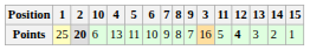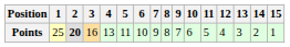 <table class="wikitable" style="font-size:85%">
 <tr>
 <th>Position</th>
 <th>1</th>
 <th>2</th>
-<th>10</th>
+<th>3</th>
 <th>4</th>
 <th>5</th>
 <th>6</th>
 <th>7</th>
 <th>8</th>
 <th>9</th>
-<th>3</th>
+<th>10</th>
 <th>11</th>
 <th>12</th>
 <th>13</th>
 <th>14</th>
 <th>15</th>
 </tr>
 <tr>
 <th>Points</th>
 <td style="background:#ffffbf;">25</td>
 <td style="background:#dfdfdf;"><strong>20</strong></td>
-<td style="background:#dfffdf;">6</td>
+<td style="background:#ffdf9f;">16</td>
 <td style="background:#dfffdf;">13</td>
 <td style="background:#dfffdf;">11</td>
 <td style="background:#dfffdf;">10</td>
 <td style="background:#dfffdf;">9</td>
 <td style="background:#dfffdf;">8</td>
 <td style="background:#dfffdf;">7</td>
-<td style="background:#ffdf9f;">16</td>
+<td style="background:#dfffdf;">6</td>
 <td style="background:#dfffdf;">5</td>
-<td style="background:#dfffdf;"><strong>4</strong></td>
+<td style="background:#dfffdf;">4</td>
 <td style="background:#dfffdf;">3</td>
 <td style="background:#dfffdf;">2</td>
 <td style="background:#dfffdf;">1</td>
 </tr>
 </table>
